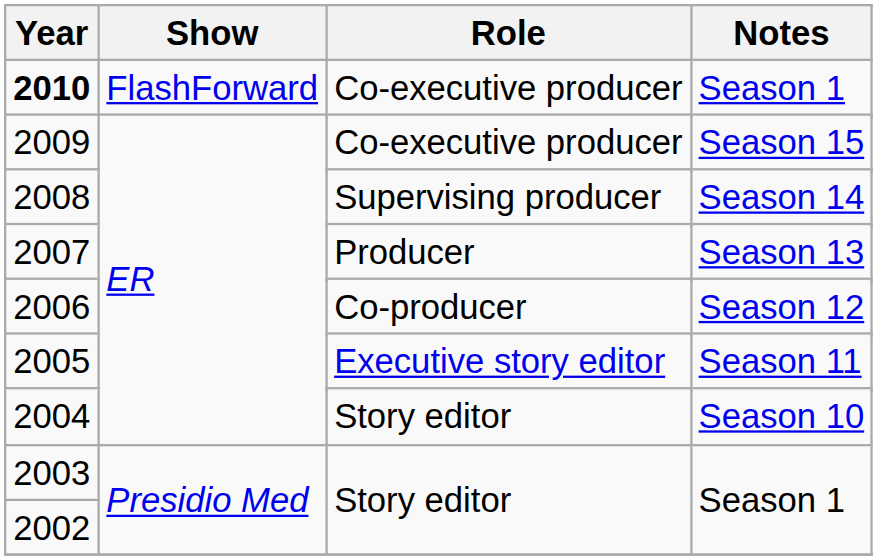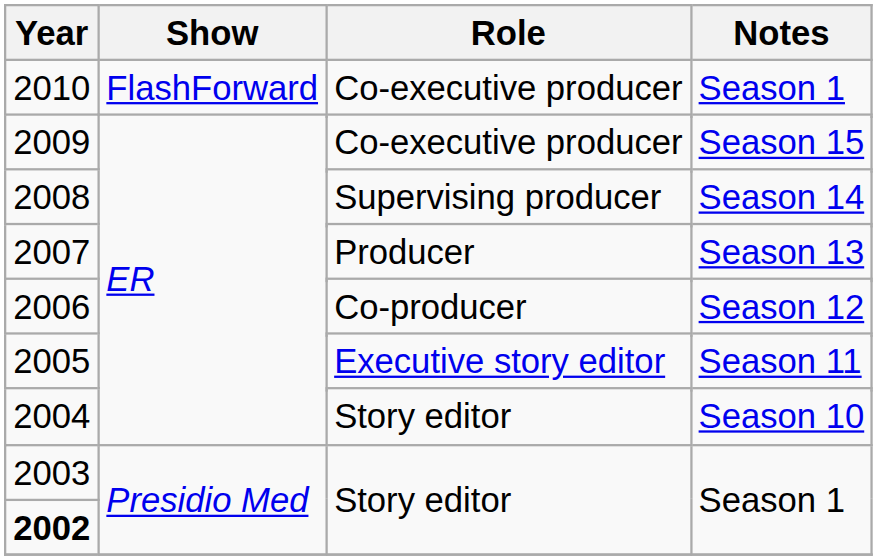 <table class="wikitable" style="font-size: 95%;">
 <tr>
 <th>Year</th>
 <th>Show</th>
 <th>Role</th>
 <th>Notes</th>
 </tr>
 <tr>
-<td><strong>2010</strong></td>
+<td>2010</td>
 <td rowspan=2><a href='#'>FlashForward</a></td>
 <td rowspan=2>Co-executive producer</td>
 <td rowspan=2><a href='#'>Season 1</a></td>
 </tr>
 <tr>
 <td rowspan=2>2009</td>
 </tr>
 <tr>
 <td rowspan=12><em><a href='#'>ER</a></em></td>
 <td rowspan=2>Co-executive producer</td>
 <td rowspan=2><a href='#'>Season 15</a></td>
 </tr>
 <tr>
 <td rowspan=2>2008</td>
 </tr>
 <tr>
 <td rowspan=2>Supervising producer</td>
 <td rowspan=2><a href='#'>Season 14</a></td>
 </tr>
 <tr>
 <td rowspan=2>2007</td>
 </tr>
 <tr>
 <td rowspan=2>Producer</td>
 <td rowspan=2><a href='#'>Season 13</a></td>
 </tr>
 <tr>
 <td rowspan=2>2006</td>
 </tr>
 <tr>
 <td rowspan=2>Co-producer</td>
 <td rowspan=2><a href='#'>Season 12</a></td>
 </tr>
 <tr>
 <td rowspan=2>2005</td>
 </tr>
 <tr>
 <td rowspan=2><a href='#'>Executive story editor</a></td>
 <td rowspan=2><a href='#'>Season 11</a></td>
 </tr>
 <tr>
 <td rowspan=2>2004</td>
 </tr>
 <tr>
 <td rowspan=2>Story editor</td>
 <td rowspan=2><a href='#'>Season 10</a></td>
 </tr>
 <tr>
 <td rowspan=2>2003</td>
 </tr>
 <tr>
 <td rowspan=2><em><a href='#'>Presidio Med</a></em></td>
 <td rowspan=2>Story editor</td>
 <td rowspan=2>Season 1</td>
 </tr>
 <tr>
-<td>2002</td>
+<td><strong>2002</strong></td>
 </tr>
 <tr>
 </tr>
 </table>
